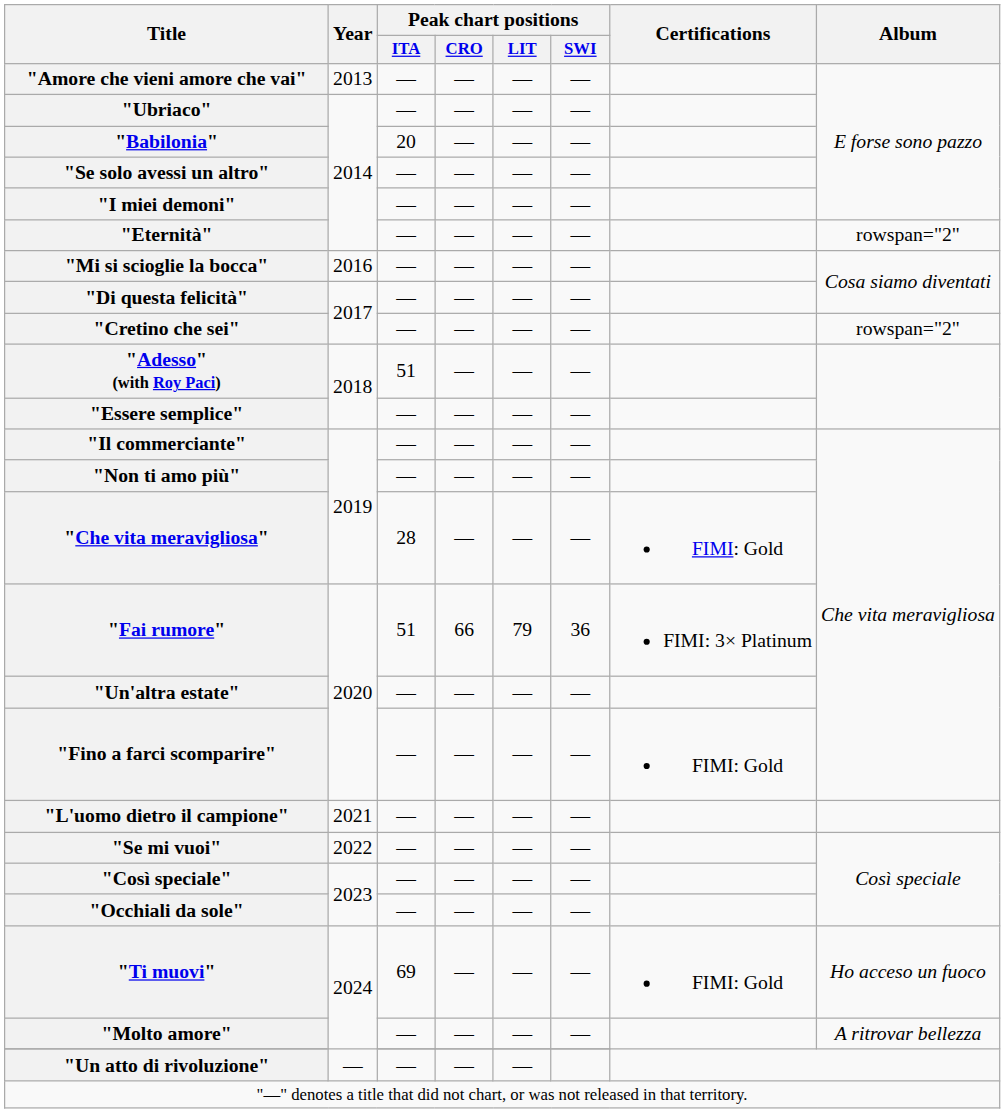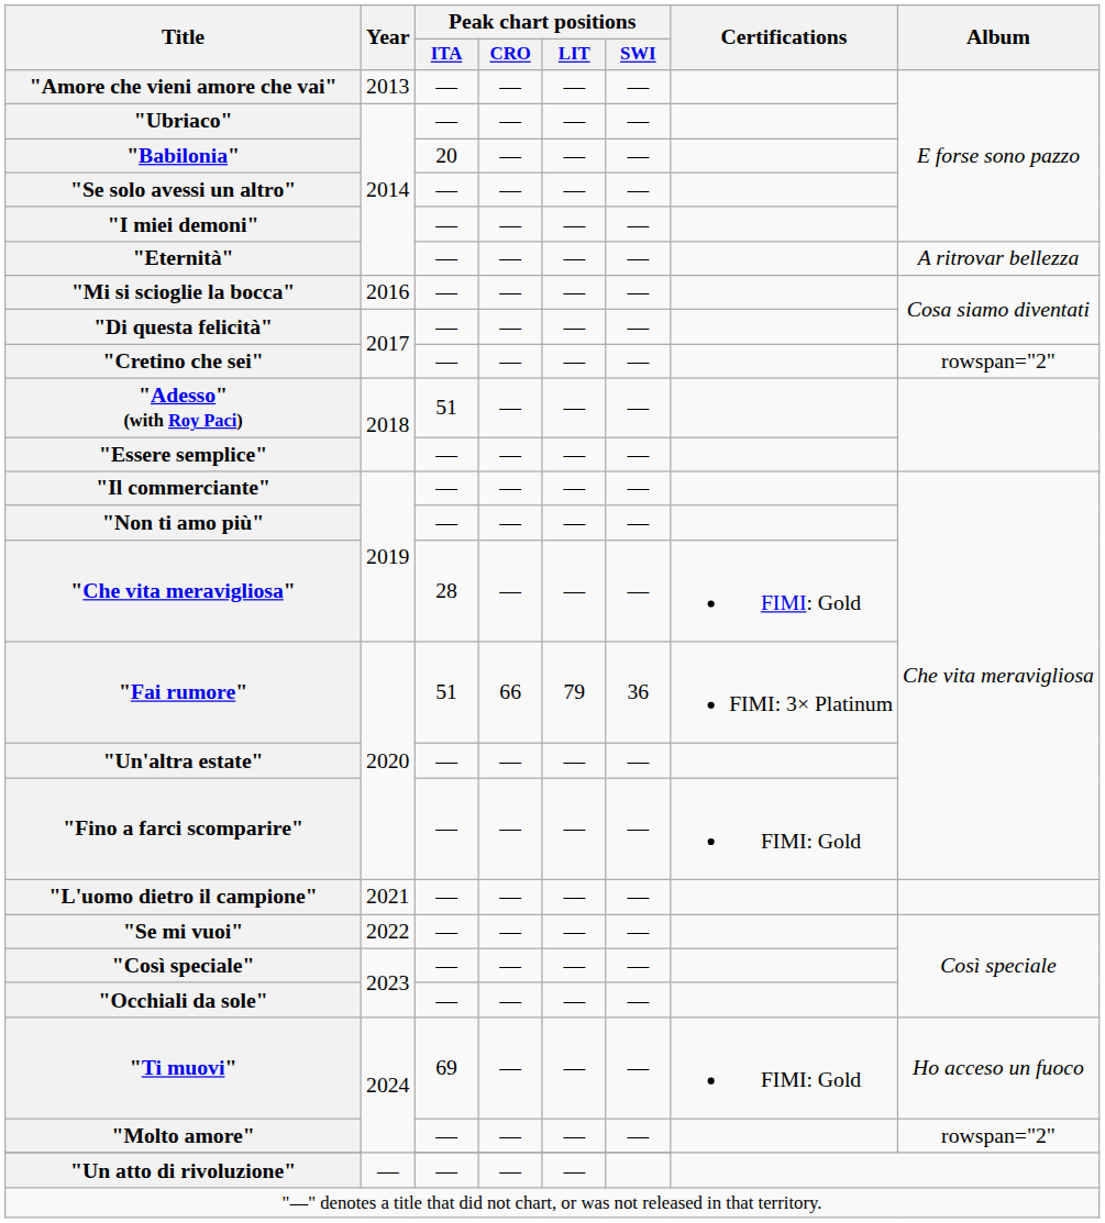 <table class="wikitable plainrowheaders" style="text-align:center;">
 <tr>
 <th scope="col" rowspan="2" style="width:16em;">Title</th>
 <th scope="col" rowspan="2" style="width:1em;">Year</th>
 <th scope="col" colspan="4">Peak chart positions</th>
 <th scope="col" rowspan="2">Certifications</th>
 <th scope="col" rowspan="2">Album</th>
 </tr>
 <tr>
 <th scope="col" style="width:3em;font-size:85%;"><a href='#'>ITA</a><br></th>
 <th scope="col" style="width:3em;font-size:85%;"><a href='#'>CRO</a><br></th>
 <th scope="col" style="width:3em;font-size:85%;"><a href='#'>LIT</a><br></th>
 <th scope="col" style="width:3em;font-size:85%;"><a href='#'>SWI</a><br></th>
 </tr>
 <tr>
 <th scope="row">"Amore che vieni amore che vai"</th>
 <td>2013</td>
 <td>—</td>
 <td>—</td>
 <td>—</td>
 <td>—</td>
 <td></td>
 <td rowspan="5"><em>E forse sono pazzo</em></td>
 </tr>
 <tr>
 <th scope="row">"Ubriaco"</th>
 <td rowspan="5">2014</td>
 <td>—</td>
 <td>—</td>
 <td>—</td>
 <td>—</td>
 <td></td>
 </tr>
 <tr>
 <th scope="row">"<a href='#'>Babilonia</a>"</th>
 <td>20<br></td>
 <td>—</td>
 <td>—</td>
 <td>—</td>
 <td></td>
 </tr>
 <tr>
 <th scope="row">"Se solo avessi un altro"</th>
 <td>—</td>
 <td>—</td>
 <td>—</td>
 <td>—</td>
 <td></td>
 </tr>
 <tr>
 <th scope="row">"I miei demoni"</th>
 <td>—</td>
 <td>—</td>
 <td>—</td>
 <td>—</td>
 <td></td>
 </tr>
 <tr>
 <th scope="row">"Eternità"</th>
 <td>—</td>
 <td>—</td>
 <td>—</td>
 <td>—</td>
 <td></td>
-<td>rowspan="2" </td>
+<td><em>A ritrovar bellezza</em></td>
 </tr>
 <tr>
 <th scope="row">"Mi si scioglie la bocca"</th>
 <td>2016</td>
 <td>—</td>
 <td>—</td>
 <td>—</td>
 <td>—</td>
 <td></td>
 <td rowspan="2"><em>Cosa siamo diventati</em></td>
 </tr>
 <tr>
 <th scope="row">"Di questa felicità"</th>
 <td rowspan="2">2017</td>
 <td>—</td>
 <td>—</td>
 <td>—</td>
 <td>—</td>
 <td></td>
 </tr>
 <tr>
 <th scope="row">"Cretino che sei"</th>
 <td>—</td>
 <td>—</td>
 <td>—</td>
 <td>—</td>
 <td></td>
 <td>rowspan="2" </td>
 </tr>
 <tr>
 <th scope="row">"<a href='#'>Adesso</a>"<br><small>(with <a href='#'>Roy Paci</a>)</small></th>
 <td rowspan="2">2018</td>
 <td>51</td>
 <td>—</td>
 <td>—</td>
 <td>—</td>
 <td></td>
 </tr>
 <tr>
 <th scope="row">"Essere semplice"</th>
 <td>—</td>
 <td>—</td>
 <td>—</td>
 <td>—</td>
 <td></td>
 </tr>
 <tr>
 <th scope="row">"Il commerciante"</th>
 <td rowspan="3">2019</td>
 <td>—</td>
 <td>—</td>
 <td>—</td>
 <td>—</td>
 <td></td>
 <td rowspan="6"><em>Che vita meravigliosa</em></td>
 </tr>
 <tr>
 <th scope="row">"Non ti amo più"</th>
 <td>—</td>
 <td>—</td>
 <td>—</td>
 <td>—</td>
 <td></td>
 </tr>
 <tr>
 <th scope="row">"<a href='#'>Che vita meravigliosa</a>"</th>
 <td>28</td>
 <td>—</td>
 <td>—</td>
 <td>—</td>
 <td><br><ul><li><a href='#'>FIMI</a>: Gold</li></ul></td>
 </tr>
 <tr>
 <th scope="row">"<a href='#'>Fai rumore</a>"</th>
 <td rowspan="3">2020</td>
 <td>51</td>
 <td>66</td>
 <td>79</td>
 <td>36</td>
 <td><br><ul><li>FIMI: 3× Platinum</li></ul></td>
 </tr>
 <tr>
 <th scope="row">"Un'altra estate"</th>
 <td>—</td>
 <td>—</td>
 <td>—</td>
 <td>—</td>
 <td></td>
 </tr>
 <tr>
 <th scope="row">"Fino a farci scomparire"</th>
 <td>—</td>
 <td>—</td>
 <td>—</td>
 <td>—</td>
 <td><br><ul><li>FIMI: Gold</li></ul></td>
 </tr>
 <tr>
 <th scope="row">"L'uomo dietro il campione"</th>
 <td rowspan="1">2021</td>
 <td>—</td>
 <td>—</td>
 <td>—</td>
 <td>—</td>
 <td></td>
 <td></td>
 </tr>
 <tr>
 <th scope="row">"Se mi vuoi"</th>
 <td rowspan="1">2022</td>
 <td>—</td>
 <td>—</td>
 <td>—</td>
 <td>—</td>
 <td></td>
 <td rowspan="3"><em>Così speciale</em></td>
 </tr>
 <tr>
 <th scope="row">"Così speciale"</th>
 <td rowspan="2">2023</td>
 <td>—</td>
 <td>—</td>
 <td>—</td>
 <td>—</td>
 <td></td>
 </tr>
 <tr>
 <th scope="row">"Occhiali da sole"</th>
 <td>—</td>
 <td>—</td>
 <td>—</td>
 <td>—</td>
 <td></td>
 </tr>
 <tr>
 <th scope="row">"<a href='#'>Ti muovi</a>"</th>
 <td rowspan="3">2024</td>
 <td>69</td>
 <td>—</td>
 <td>—</td>
 <td>—</td>
 <td><br><ul><li>FIMI: Gold</li></ul></td>
 <td><em>Ho acceso un fuoco</em></td>
 </tr>
 <tr>
 <th scope="row">"Molto amore"</th>
 <td>—</td>
 <td>—</td>
 <td>—</td>
 <td>—</td>
 <td></td>
-<td><em>A ritrovar bellezza</em></td>
+<td>rowspan="2" </td>
 </tr>
 <tr>
 </tr>
 <tr>
 <th scope="row">"Un atto di rivoluzione"</th>
 <td>—</td>
 <td>—</td>
 <td>—</td>
 <td>—</td>
 <td></td>
 </tr>
 <tr>
 <td colspan="8" style="font-size:85%">"—" denotes a title that did not chart, or was not released in that territory.</td>
 </tr>
 </table>
